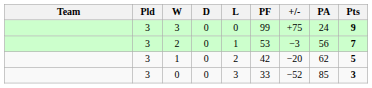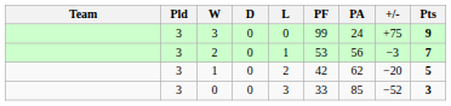 <table class="wikitable" style="text-align: center;">
 <tr>
 <th width="200">Team</th>
 <th width="40">Pld</th>
 <th width="40">W</th>
 <th width="40">D</th>
 <th width="40">L</th>
 <th width="40">PF</th>
+<th width="40">PA</th>
 <th width="40">+/-</th>
-<th width="40">PA</th>
 <th width="40">Pts</th>
 </tr>
 <tr style="background-color:#ccffcc">
 <td style="text-align:left;"></td>
 <td>3</td>
 <td>3</td>
 <td>0</td>
 <td>0</td>
 <td>99</td>
+<td>24</td>
 <td>+75</td>
-<td>24</td>
 <td><strong>9</strong></td>
 </tr>
 <tr style="background-color:#ccffcc">
 <td style="text-align:left;"></td>
 <td>3</td>
 <td>2</td>
 <td>0</td>
 <td>1</td>
 <td>53</td>
+<td>56</td>
 <td>−3</td>
-<td>56</td>
 <td><strong>7</strong></td>
 </tr>
 <tr>
 <td style="text-align:left;"></td>
 <td>3</td>
 <td>1</td>
 <td>0</td>
 <td>2</td>
 <td>42</td>
+<td>62</td>
 <td>−20</td>
-<td>62</td>
 <td><strong>5</strong></td>
 </tr>
 <tr>
 <td style="text-align:left;"></td>
 <td>3</td>
 <td>0</td>
 <td>0</td>
 <td>3</td>
 <td>33</td>
+<td>85</td>
 <td>−52</td>
-<td>85</td>
 <td><strong>3</strong></td>
 </tr>
 </table>
